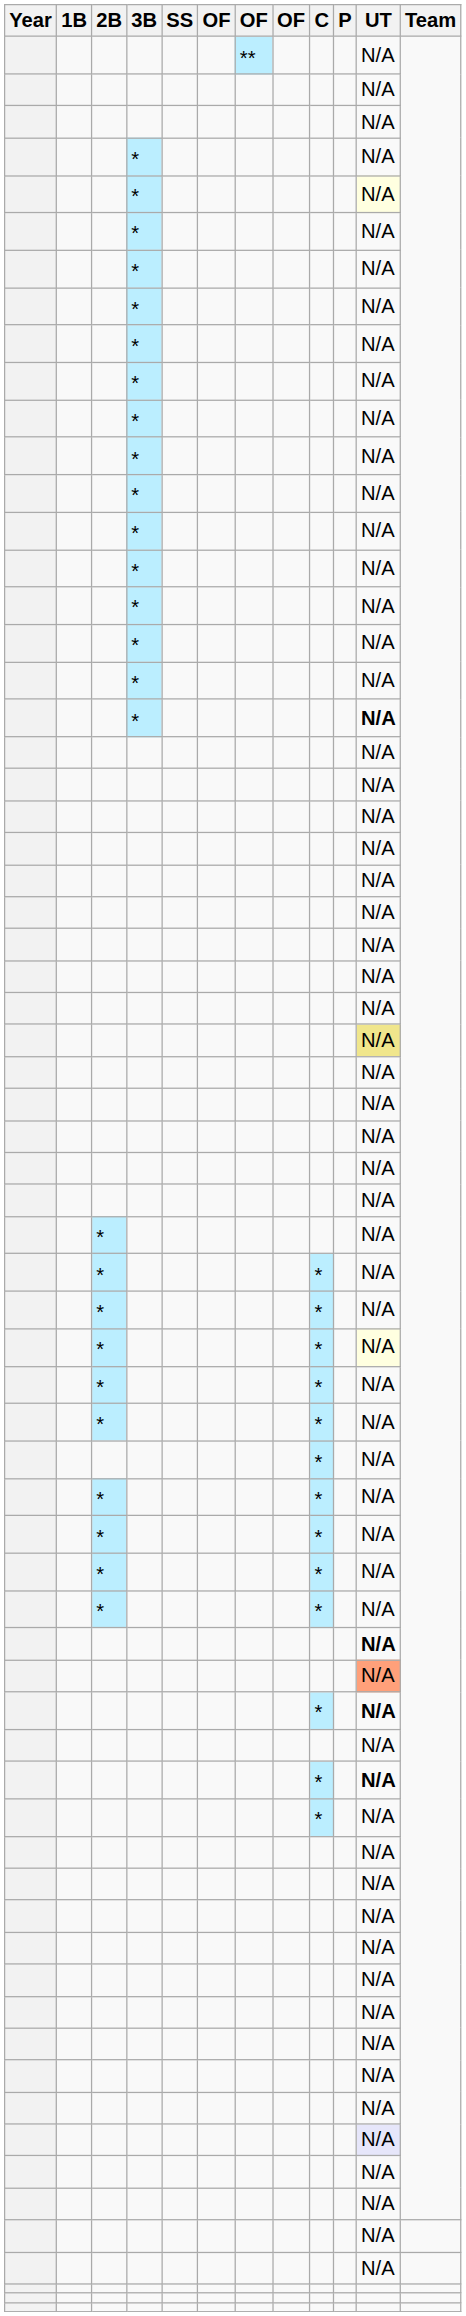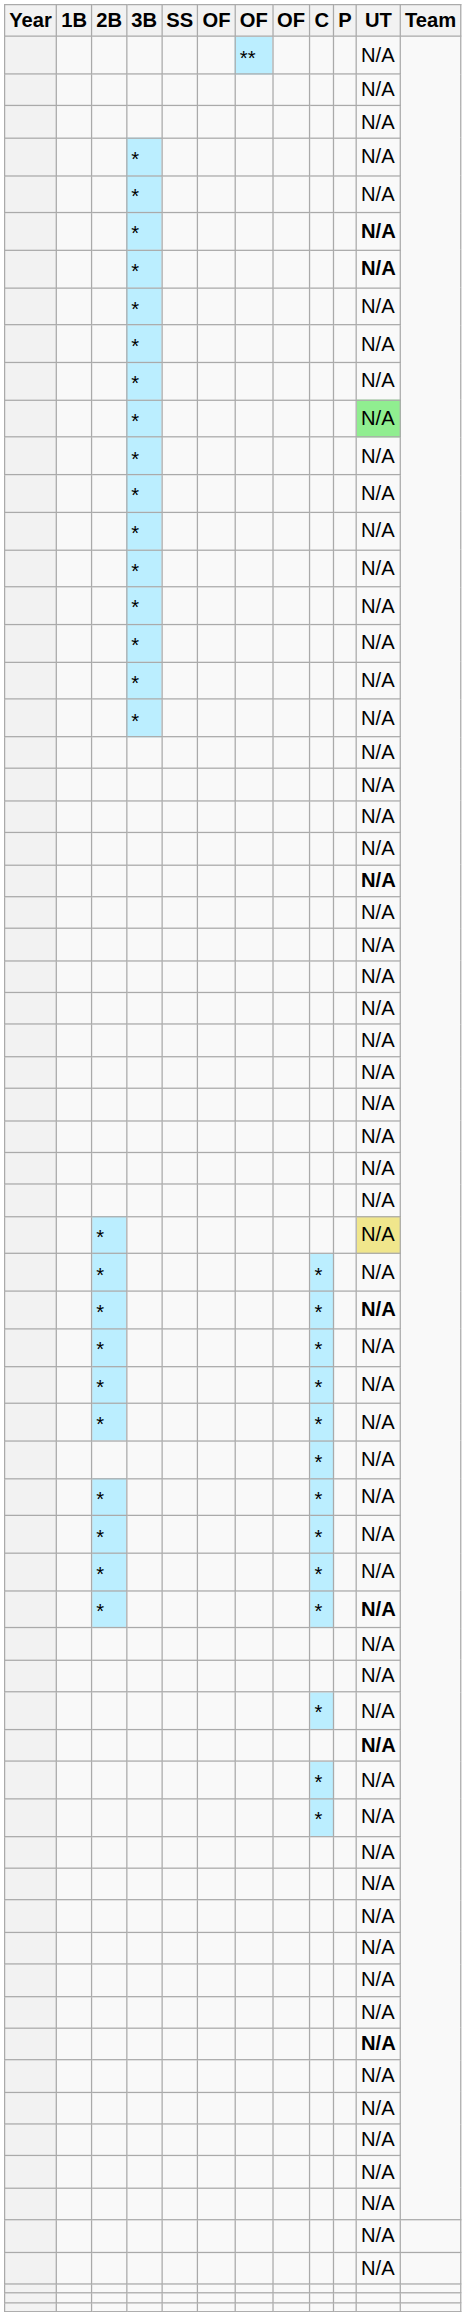 <table class="wikitable sortable">
 <tr>
 <th scope="col">Year</th>
 <th scope="col">1B</th>
 <th scope="col">2B</th>
 <th scope="col">3B</th>
 <th scope="col">SS</th>
 <th scope="col">OF</th>
 <th scope="col">OF</th>
 <th scope="col">OF</th>
 <th scope="col">C</th>
 <th scope="col">P</th>
 <th scope="col">UT</th>
 <th scope="col">Team</th>
 </tr>
 <tr>
 <th scope="row"></th>
 <td><em></em><sup></sup></td>
 <td><sup></sup></td>
 <td></td>
 <td><em></em></td>
 <td><sup></sup></td>
 <td style="background:#bef;"><em></em>**<sup></sup></td>
 <td><sup></sup></td>
 <td></td>
 <td></td>
 <td>N/A</td>
 </tr>
 <tr>
 <th scope="row"></th>
 <td></td>
 <td></td>
 <td></td>
 <td><sup></sup></td>
 <td></td>
 <td></td>
 <td><sup></sup></td>
 <td></td>
 <td></td>
 <td>N/A</td>
 </tr>
 <tr>
 <th scope="row"></th>
 <td></td>
 <td><sup></sup></td>
 <td></td>
 <td><sup></sup></td>
 <td><sup></sup></td>
 <td><sup></sup></td>
 <td></td>
 <td></td>
 <td></td>
 <td>N/A</td>
 </tr>
 <tr>
 <th scope="row"></th>
 <td></td>
 <td><sup></sup></td>
 <td style="background:#bef;">*<sup></sup></td>
 <td><sup></sup></td>
 <td><sup></sup></td>
 <td></td>
 <td></td>
 <td></td>
 <td></td>
 <td>N/A</td>
 </tr>
 <tr>
 <th scope="row"></th>
 <td></td>
 <td></td>
 <td style="background:#bef;">*<sup></sup></td>
 <td><sup></sup></td>
 <td></td>
 <td><sup></sup></td>
 <td></td>
 <td></td>
 <td></td>
-<td style="background: lightyellow;">N/A</td>
+<td>N/A</td>
 </tr>
 <tr>
 <th scope="row"></th>
 <td></td>
 <td></td>
 <td style="background:#bef;">*<sup></sup></td>
 <td><sup></sup></td>
 <td></td>
 <td><sup></sup></td>
 <td><sup></sup></td>
 <td></td>
 <td><sup></sup></td>
-<td>N/A</td>
+<td><strong>N/A</strong></td>
 </tr>
 <tr>
 <th scope="row"></th>
 <td></td>
 <td></td>
 <td style="background:#bef;">*<sup></sup></td>
 <td></td>
 <td></td>
 <td><sup></sup></td>
 <td><sup></sup></td>
 <td></td>
 <td><sup></sup></td>
-<td>N/A</td>
+<td><strong>N/A</strong></td>
 </tr>
 <tr>
 <th scope="row"></th>
 <td></td>
 <td></td>
 <td style="background:#bef;">*<sup></sup></td>
 <td><sup></sup></td>
 <td></td>
 <td><sup></sup></td>
 <td></td>
 <td></td>
 <td><sup></sup></td>
 <td>N/A</td>
 </tr>
 <tr>
 <th scope="row"></th>
 <td></td>
 <td></td>
 <td style="background:#bef;">*<sup></sup></td>
 <td></td>
 <td></td>
 <td><sup></sup></td>
 <td><sup></sup></td>
 <td></td>
 <td><sup></sup></td>
 <td>N/A</td>
 </tr>
 <tr>
 <th scope="row"></th>
 <td></td>
 <td></td>
 <td style="background:#bef;">*<sup></sup></td>
 <td><sup></sup></td>
 <td></td>
 <td><sup></sup></td>
 <td><sup></sup></td>
 <td></td>
 <td><sup></sup></td>
 <td>N/A</td>
 </tr>
 <tr>
 <th scope="row"></th>
 <td></td>
 <td></td>
 <td style="background:#bef;">*<sup></sup></td>
 <td></td>
 <td></td>
 <td><sup></sup></td>
 <td><sup></sup></td>
 <td></td>
 <td><sup></sup></td>
-<td>N/A</td>
+<td style="background: lightgreen;">N/A</td>
 </tr>
 <tr>
 <th scope="row"></th>
 <td></td>
 <td></td>
 <td style="background:#bef;">*<sup></sup></td>
 <td><sup></sup></td>
 <td></td>
 <td></td>
 <td><sup></sup></td>
 <td></td>
 <td><sup></sup></td>
 <td>N/A</td>
 </tr>
 <tr>
 <th scope="row"></th>
 <td></td>
 <td></td>
 <td style="background:#bef;">*<sup></sup></td>
 <td></td>
 <td></td>
 <td></td>
 <td><sup></sup></td>
 <td></td>
 <td><sup></sup></td>
 <td>N/A</td>
 </tr>
 <tr>
 <th scope="row"></th>
 <td></td>
 <td></td>
 <td style="background:#bef;">*<sup></sup></td>
 <td><sup></sup></td>
 <td></td>
 <td></td>
 <td></td>
 <td></td>
 <td><sup></sup></td>
 <td>N/A</td>
 </tr>
 <tr>
 <th scope="row"></th>
 <td></td>
 <td></td>
 <td style="background:#bef;">*<sup></sup></td>
 <td></td>
 <td></td>
 <td></td>
 <td><sup></sup></td>
 <td></td>
 <td><sup></sup></td>
 <td>N/A</td>
 </tr>
 <tr>
 <th scope="row"></th>
 <td></td>
 <td></td>
 <td style="background:#bef;">*<sup></sup></td>
 <td></td>
 <td></td>
 <td></td>
 <td></td>
 <td><sup></sup></td>
 <td><sup></sup></td>
 <td>N/A</td>
 </tr>
 <tr>
 <th scope="row"></th>
 <td></td>
 <td></td>
 <td style="background:#bef;">*<sup></sup></td>
 <td></td>
 <td></td>
 <td></td>
 <td></td>
 <td></td>
 <td><sup></sup></td>
 <td>N/A</td>
 </tr>
 <tr>
 <th scope="row"></th>
 <td></td>
 <td></td>
 <td style="background:#bef;">*<sup></sup></td>
 <td></td>
 <td></td>
 <td></td>
 <td></td>
 <td></td>
 <td><sup></sup></td>
 <td>N/A</td>
 </tr>
 <tr>
 <th scope="row"></th>
 <td></td>
 <td></td>
 <td style="background:#bef;">*<sup></sup></td>
 <td></td>
 <td></td>
 <td></td>
 <td></td>
 <td></td>
 <td><sup></sup></td>
-<td><strong>N/A</strong></td>
+<td>N/A</td>
 </tr>
 <tr>
 <th scope="row"></th>
 <td></td>
 <td></td>
 <td></td>
 <td></td>
 <td></td>
 <td></td>
 <td></td>
 <td></td>
 <td><sup></sup></td>
 <td>N/A</td>
 </tr>
 <tr>
 <th scope="row"></th>
 <td></td>
 <td></td>
 <td></td>
 <td></td>
 <td></td>
 <td></td>
 <td><sup></sup></td>
 <td></td>
 <td><sup></sup></td>
 <td>N/A</td>
 </tr>
 <tr>
 <th scope="row"></th>
 <td></td>
 <td></td>
 <td></td>
 <td></td>
 <td></td>
 <td></td>
 <td></td>
 <td></td>
 <td><sup></sup></td>
 <td>N/A</td>
 </tr>
 <tr>
 <th scope="row"></th>
 <td></td>
 <td></td>
 <td></td>
 <td></td>
 <td></td>
 <td></td>
 <td></td>
 <td></td>
 <td><sup></sup></td>
 <td>N/A</td>
 </tr>
 <tr>
 <th scope="row"></th>
 <td></td>
 <td></td>
 <td></td>
 <td><sup></sup></td>
 <td></td>
 <td></td>
 <td></td>
 <td></td>
 <td></td>
-<td>N/A</td>
+<td><strong>N/A</strong></td>
 </tr>
 <tr>
 <th scope="row"></th>
 <td></td>
 <td></td>
 <td></td>
 <td><sup></sup></td>
 <td></td>
 <td><sup></sup></td>
 <td></td>
 <td></td>
 <td></td>
 <td>N/A</td>
 </tr>
 <tr>
 <th scope="row"></th>
 <td><sup></sup></td>
 <td></td>
 <td></td>
 <td><sup></sup></td>
 <td></td>
 <td><sup></sup></td>
 <td></td>
 <td></td>
 <td></td>
 <td>N/A</td>
 </tr>
 <tr>
 <th scope="row"></th>
 <td><sup></sup></td>
 <td></td>
 <td></td>
 <td><sup></sup></td>
 <td></td>
 <td><sup></sup></td>
 <td></td>
 <td></td>
 <td></td>
 <td>N/A</td>
 </tr>
 <tr>
 <th scope="row"></th>
 <td><sup></sup></td>
 <td></td>
 <td></td>
 <td><sup></sup></td>
 <td></td>
 <td><sup></sup></td>
 <td></td>
 <td></td>
 <td></td>
 <td>N/A</td>
 </tr>
 <tr>
 <th scope="row"></th>
 <td></td>
 <td></td>
 <td><sup></sup></td>
 <td></td>
 <td></td>
 <td></td>
 <td></td>
 <td></td>
 <td></td>
-<td style="background: khaki;">N/A</td>
+<td>N/A</td>
 </tr>
 <tr>
 <th scope="row"></th>
 <td></td>
 <td></td>
 <td></td>
 <td></td>
 <td><sup></sup></td>
 <td></td>
 <td></td>
 <td></td>
 <td></td>
 <td>N/A</td>
 </tr>
 <tr>
 <th scope="row"></th>
 <td></td>
 <td></td>
 <td></td>
 <td></td>
 <td><sup></sup></td>
 <td><sup></sup></td>
 <td></td>
 <td></td>
 <td></td>
 <td>N/A</td>
 </tr>
 <tr>
 <th scope="row"></th>
 <td></td>
 <td></td>
 <td></td>
 <td></td>
 <td><sup></sup></td>
 <td></td>
 <td></td>
 <td></td>
 <td></td>
 <td>N/A</td>
 </tr>
 <tr>
 <th scope="row"></th>
 <td></td>
 <td></td>
 <td></td>
 <td></td>
 <td><sup></sup></td>
 <td></td>
 <td></td>
 <td></td>
 <td></td>
 <td>N/A</td>
 </tr>
 <tr>
 <th scope="row"></th>
 <td></td>
 <td></td>
 <td></td>
 <td></td>
 <td></td>
 <td></td>
 <td><sup></sup></td>
 <td></td>
 <td></td>
 <td>N/A</td>
 </tr>
 <tr>
 <th scope="row"></th>
 <td></td>
 <td style="background:#bef;">*<sup></sup></td>
 <td></td>
 <td><sup></sup></td>
 <td><sup></sup></td>
 <td></td>
 <td><sup></sup></td>
 <td></td>
 <td></td>
-<td>N/A</td>
+<td style="background: khaki;">N/A</td>
 </tr>
 <tr>
 <th scope="row"></th>
 <td></td>
 <td style="background:#bef;">*<sup></sup></td>
 <td></td>
 <td><sup></sup></td>
 <td><sup></sup></td>
 <td></td>
 <td><sup></sup></td>
 <td style="background:#bef;">*<sup></sup></td>
 <td></td>
 <td>N/A</td>
 </tr>
 <tr>
 <th scope="row"></th>
 <td></td>
 <td style="background:#bef;">*<sup></sup></td>
 <td></td>
 <td></td>
 <td></td>
 <td></td>
 <td><sup></sup></td>
 <td style="background:#bef;">*<sup></sup></td>
 <td></td>
-<td>N/A</td>
+<td><strong>N/A</strong></td>
 </tr>
 <tr>
 <th scope="row"></th>
 <td></td>
 <td style="background:#bef;">*<sup></sup></td>
 <td><sup></sup></td>
 <td></td>
 <td></td>
 <td></td>
 <td><sup></sup></td>
 <td style="background:#bef;">*<sup></sup></td>
 <td></td>
-<td style="background: lightyellow;">N/A</td>
+<td>N/A</td>
 </tr>
 <tr>
 <th scope="row"></th>
 <td></td>
 <td style="background:#bef;">*<sup></sup></td>
 <td><sup></sup></td>
 <td></td>
 <td></td>
 <td></td>
 <td><sup></sup></td>
 <td style="background:#bef;">*<sup></sup></td>
 <td></td>
 <td>N/A</td>
 </tr>
 <tr>
 <th scope="row"></th>
 <td></td>
 <td style="background:#bef;">*<sup></sup></td>
 <td></td>
 <td></td>
 <td></td>
 <td></td>
 <td><sup></sup></td>
 <td style="background:#bef;">*<sup></sup></td>
 <td><sup></sup></td>
 <td>N/A</td>
 </tr>
 <tr>
 <th scope="row"></th>
 <td></td>
 <td></td>
 <td></td>
 <td></td>
 <td></td>
 <td></td>
 <td><sup></sup></td>
 <td style="background:#bef;">*<sup></sup></td>
 <td><sup></sup></td>
 <td>N/A</td>
 </tr>
 <tr>
 <th scope="row"></th>
 <td></td>
 <td style="background:#bef;">*<sup></sup></td>
 <td></td>
 <td></td>
 <td></td>
 <td></td>
 <td><sup></sup></td>
 <td style="background:#bef;">*<sup></sup></td>
 <td><sup></sup></td>
 <td>N/A</td>
 </tr>
 <tr>
 <th scope="row"></th>
 <td></td>
 <td style="background:#bef;">*<sup></sup></td>
 <td></td>
 <td></td>
 <td></td>
 <td></td>
 <td><sup></sup></td>
 <td style="background:#bef;">*<sup></sup></td>
 <td><sup></sup></td>
 <td>N/A</td>
 </tr>
 <tr>
 <th scope="row"></th>
 <td></td>
 <td style="background:#bef;">*<sup></sup></td>
 <td></td>
 <td></td>
 <td></td>
 <td></td>
 <td></td>
 <td style="background:#bef;">*<sup></sup></td>
 <td></td>
 <td>N/A</td>
 </tr>
 <tr>
 <th scope="row"></th>
 <td></td>
 <td style="background:#bef;">*<sup></sup></td>
 <td></td>
 <td></td>
 <td></td>
 <td></td>
 <td><sup></sup></td>
 <td style="background:#bef;">*<sup></sup></td>
 <td><sup></sup></td>
+<td><strong>N/A</strong></td>
+</tr>
+<tr>
+<th scope="row"></th>
+<td></td>
+<td></td>
+<td></td>
+<td></td>
+<td></td>
+<td></td>
+<td><sup></sup></td>
+<td></td>
+<td></td>
 <td>N/A</td>
 </tr>
 <tr>
 <th scope="row"></th>
 <td></td>
 <td></td>
 <td></td>
 <td></td>
 <td></td>
 <td></td>
 <td><sup></sup></td>
 <td></td>
-<td></td>
-<td><strong>N/A</strong></td>
-</tr>
-<tr>
-<th scope="row"></th>
-<td></td>
-<td></td>
-<td></td>
-<td></td>
-<td></td>
-<td></td>
 <td><sup></sup></td>
-<td></td>
-<td><sup></sup></td>
-<td style="background: lightsalmon;">N/A</td>
-</tr>
-<tr>
-<th scope="row"></th>
-<td></td>
-<td></td>
-<td></td>
-<td><sup></sup></td>
-<td></td>
-<td></td>
-<td><sup></sup></td>
-<td style="background:#bef;">*<sup></sup></td>
-<td></td>
-<td><strong>N/A</strong></td>
-</tr>
-<tr>
-<th scope="row"></th>
-<td></td>
-<td></td>
-<td></td>
-<td><sup></sup></td>
-<td></td>
-<td></td>
-<td><sup></sup></td>
-<td></td>
-<td></td>
 <td>N/A</td>
 </tr>
 <tr>
 <th scope="row"></th>
 <td></td>
 <td></td>
 <td></td>
 <td><sup></sup></td>
 <td></td>
 <td></td>
 <td><sup></sup></td>
 <td style="background:#bef;">*<sup></sup></td>
 <td></td>
+<td>N/A</td>
+</tr>
+<tr>
+<th scope="row"></th>
+<td></td>
+<td></td>
+<td></td>
+<td><sup></sup></td>
+<td></td>
+<td></td>
+<td><sup></sup></td>
+<td></td>
+<td></td>
 <td><strong>N/A</strong></td>
+</tr>
+<tr>
+<th scope="row"></th>
+<td></td>
+<td></td>
+<td></td>
+<td><sup></sup></td>
+<td></td>
+<td></td>
+<td><sup></sup></td>
+<td style="background:#bef;">*<sup></sup></td>
+<td></td>
+<td>N/A</td>
 </tr>
 <tr>
 <th scope="row"></th>
 <td></td>
 <td></td>
 <td><sup></sup></td>
 <td></td>
 <td></td>
 <td></td>
 <td><sup></sup></td>
 <td style="background:#bef;">*<sup></sup></td>
 <td></td>
 <td>N/A</td>
 </tr>
 <tr>
 <th scope="row"></th>
 <td></td>
 <td></td>
 <td><sup></sup></td>
 <td></td>
 <td></td>
 <td></td>
 <td><sup></sup></td>
 <td><sup></sup></td>
 <td><sup></sup></td>
 <td>N/A</td>
 </tr>
 <tr>
 <th scope="row"></th>
 <td></td>
 <td></td>
 <td></td>
 <td><sup></sup></td>
 <td></td>
 <td></td>
 <td><sup></sup></td>
 <td><sup></sup></td>
 <td></td>
 <td>N/A</td>
 </tr>
 <tr>
 <th scope="row"></th>
 <td></td>
 <td></td>
 <td></td>
 <td><sup></sup></td>
 <td></td>
 <td></td>
 <td><sup></sup></td>
 <td><sup></sup></td>
 <td></td>
 <td>N/A</td>
 </tr>
 <tr>
 <th scope="row"></th>
 <td></td>
 <td></td>
 <td><sup></sup></td>
 <td></td>
 <td></td>
 <td></td>
 <td></td>
 <td></td>
 <td></td>
 <td>N/A</td>
 </tr>
 <tr>
 <th scope="row"></th>
 <td></td>
 <td></td>
 <td><sup></sup></td>
 <td></td>
 <td></td>
 <td></td>
 <td></td>
 <td></td>
 <td></td>
 <td>N/A</td>
 </tr>
 <tr>
 <th scope="row"></th>
 <td></td>
 <td></td>
 <td></td>
 <td></td>
 <td></td>
 <td></td>
 <td> </td>
 <td></td>
 <td></td>
 <td>N/A</td>
 </tr>
 <tr>
 <th scope="row"></th>
 <td></td>
 <td></td>
 <td></td>
 <td></td>
 <td></td>
 <td></td>
 <td></td>
 <td></td>
 <td></td>
-<td>N/A</td>
+<td><strong>N/A</strong></td>
 </tr>
 <tr>
 <th scope="row"></th>
 <td></td>
 <td></td>
 <td></td>
 <td></td>
 <td></td>
 <td></td>
 <td></td>
 <td></td>
 <td></td>
 <td>N/A</td>
 </tr>
 <tr>
 <th scope="row"></th>
 <td></td>
 <td></td>
 <td><sup></sup></td>
 <td></td>
 <td></td>
 <td></td>
 <td></td>
 <td></td>
 <td></td>
 <td>N/A</td>
 </tr>
 <tr>
 <th scope="row"></th>
 <td></td>
 <td></td>
 <td></td>
 <td></td>
 <td></td>
 <td></td>
 <td></td>
 <td></td>
 <td></td>
-<td style="background: lavender;">N/A</td>
+<td>N/A</td>
 </tr>
 <tr>
 <th scope="row"></th>
 <td></td>
 <td></td>
 <td></td>
 <td></td>
 <td></td>
 <td></td>
 <td></td>
 <td></td>
 <td></td>
 <td>N/A</td>
 </tr>
 <tr>
 <th scope="row"></th>
 <td></td>
 <td></td>
 <td></td>
 <td></td>
 <td></td>
 <td></td>
 <td></td>
 <td></td>
 <td></td>
 <td>N/A</td>
 </tr>
 <tr>
 <th scope="row"></th>
 <td></td>
 <td></td>
 <td></td>
 <td></td>
 <td></td>
 <td></td>
 <td></td>
 <td></td>
 <td></td>
 <td>N/A</td>
 <td></td>
 </tr>
 <tr>
 <th scope="row"></th>
 <td></td>
 <td></td>
 <td></td>
 <td></td>
 <td></td>
 <td></td>
 <td></td>
 <td></td>
 <td></td>
 <td>N/A</td>
 <td></td>
 </tr>
 <tr>
 <th scope ="row"></th>
 <td></td>
 <td></td>
 <td></td>
 <td></td>
 <td> </td>
 <td></td>
 <td></td>
 <td></td>
 <td></td>
 <td></td>
 <td></td>
 </tr>
 <tr>
 <th scope ="row"></th>
 <td></td>
 <td></td>
 <td></td>
 <td></td>
 <td> </td>
 <td></td>
 <td></td>
 <td></td>
 <td></td>
 <td></td>
 <td></td>
 </tr>
 <tr>
 <th scope ="row"></th>
 <td></td>
 <td></td>
 <td></td>
 <td></td>
 <td> </td>
 <td></td>
 <td></td>
 <td></td>
 <td></td>
 <td></td>
 <td></td>
 </tr>
 </table>
